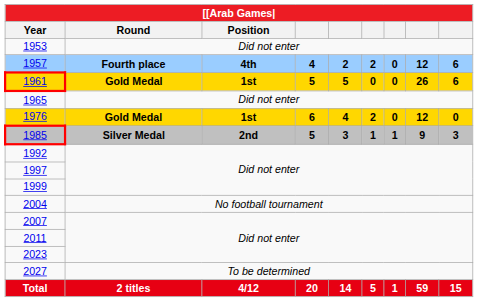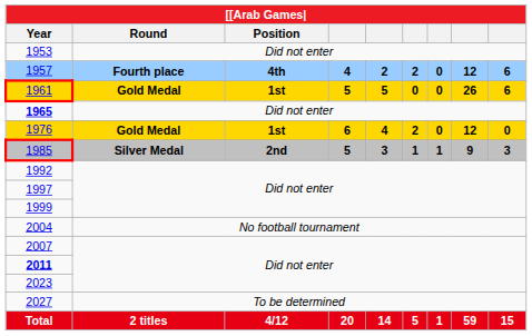 <table class="wikitable" class="wikitable" style="font-size:90%; text-align:center; width:40%">
 <tr>
 <th colspan="9" style="background:#ED1C24; color:white; ">[[Arab Games|</th>
 </tr>
 <tr>
 <th>Year</th>
 <th>Round</th>
 <th>Position</th>
 <th></th>
 <th></th>
 <th></th>
 <th></th>
 <th></th>
 <th></th>
 </tr>
 <tr>
 <td> <a href='#'>1953</a></td>
 <td colspan=8><em>Did not enter</em></td>
 </tr>
 <tr style="background:#9acdff;">
 <td> <a href='#'>1957</a></td>
 <td><strong>Fourth place</strong></td>
 <td><strong>4th</strong></td>
 <td><strong>4</strong></td>
 <td><strong>2</strong></td>
 <td><strong>2</strong></td>
 <td><strong>0</strong></td>
 <td><strong>12</strong></td>
 <td><strong>6</strong></td>
 </tr>
 <tr bgcolor="gold">
 <td style="border: 3px solid red"> <a href='#'>1961</a></td>
 <td> <strong>Gold Medal</strong></td>
 <td><strong>1st</strong></td>
 <td><strong>5</strong></td>
 <td><strong>5</strong></td>
 <td><strong>0</strong></td>
 <td><strong>0</strong></td>
 <td><strong>26</strong></td>
 <td><strong>6</strong></td>
 </tr>
 <tr>
-<td> <a href='#'>1965</a></td>
+<td><strong> <a href='#'>1965</a></strong></td>
 <td colspan=8><em>Did not enter</em></td>
 </tr>
 <tr bgcolor="gold">
 <td> <a href='#'>1976</a></td>
 <td> <strong>Gold Medal</strong></td>
 <td><strong>1st</strong></td>
 <td><strong>6</strong></td>
 <td><strong>4</strong></td>
 <td><strong>2</strong></td>
 <td><strong>0</strong></td>
 <td><strong>12</strong></td>
 <td><strong>0</strong></td>
 </tr>
 <tr bgcolor="silver">
 <td style="border: 3px solid red"> <a href='#'>1985</a></td>
 <td> <strong>Silver Medal</strong></td>
 <td><strong>2nd</strong></td>
 <td><strong>5</strong></td>
 <td><strong>3</strong></td>
 <td><strong>1</strong></td>
 <td><strong>1</strong></td>
 <td><strong>9</strong></td>
 <td><strong>3</strong></td>
 </tr>
 <tr>
 <td> <a href='#'>1992</a></td>
 <td colspan=8 rowspan=3><em>Did not enter</em></td>
 </tr>
 <tr>
 <td> <a href='#'>1997</a></td>
 </tr>
 <tr>
 <td> <a href='#'>1999</a></td>
 </tr>
 <tr>
 <td> <a href='#'>2004</a></td>
 <td colspan=8><em>No football tournament</em></td>
 </tr>
 <tr>
 <td> <a href='#'>2007</a></td>
 <td colspan=8 rowspan=3><em>Did not enter</em></td>
 </tr>
 <tr>
-<td> <a href='#'>2011</a></td>
+<td><strong> <a href='#'>2011</a></strong></td>
 </tr>
 <tr>
 <td> <a href='#'>2023</a></td>
 </tr>
 <tr>
 <td> <a href='#'>2027</a></td>
 <td colspan=8><em>To be determined</em></td>
 </tr>
 <tr>
 <th style="background:#E70013; color:white;">Total</th>
 <th style="background:#E70013; color:white;">2 titles</th>
 <th style="background:#E70013; color:white;">4/12</th>
 <th style="background:#E70013; color:white;">20</th>
 <th style="background:#E70013; color:white;">14</th>
 <th style="background:#E70013; color:white;">5</th>
 <th style="background:#E70013; color:white;">1</th>
 <th style="background:#E70013; color:white;">59</th>
 <th style="background:#E70013; color:white;">15</th>
 </tr>
 </table>
